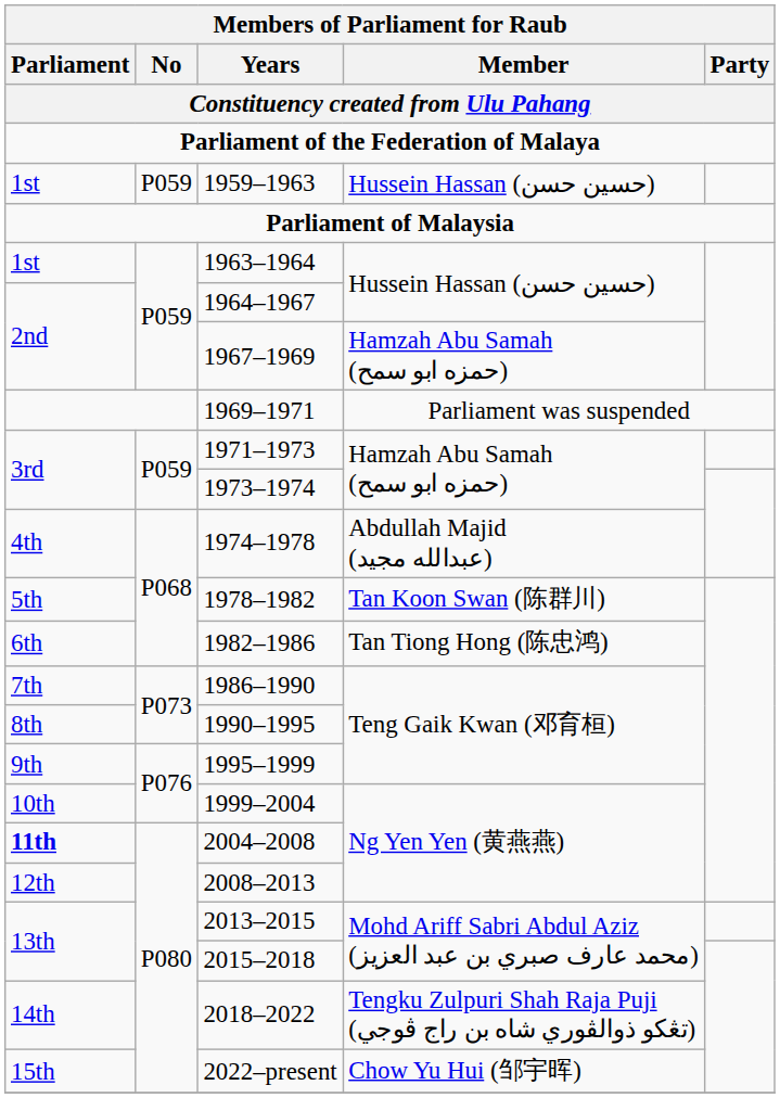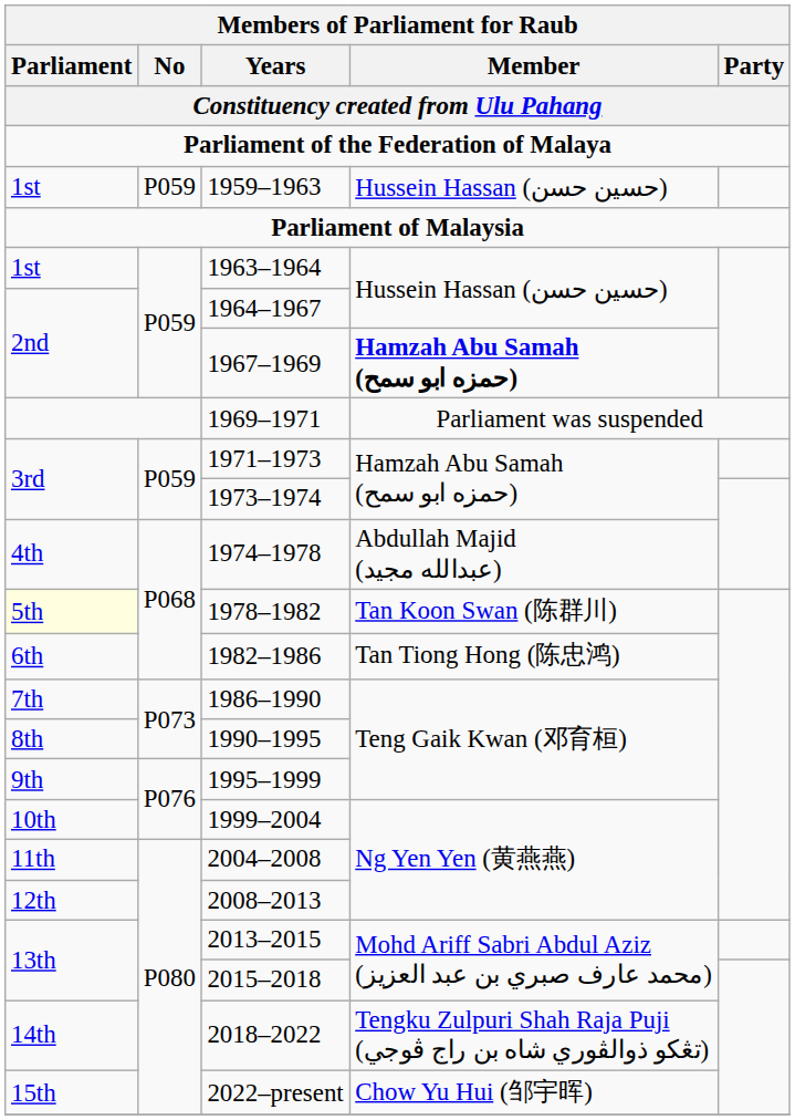 <table class=wikitable>
 <tr>
 <th colspan="5">Members of Parliament for Raub</th>
 </tr>
 <tr>
 <th>Parliament</th>
 <th>No</th>
 <th>Years</th>
 <th>Member</th>
 <th>Party</th>
 </tr>
 <tr>
 <th colspan="5" align="center"><em>Constituency created from <a href='#'>Ulu Pahang</a></em></th>
 </tr>
 <tr>
 <td colspan="5" align="center"><strong>Parliament of the Federation of Malaya</strong></td>
 </tr>
 <tr>
 <td><a href='#'>1st</a></td>
 <td>P059</td>
 <td>1959–1963</td>
 <td><a href='#'>Hussein Hassan</a> (حسين حسن)</td>
 <td></td>
 </tr>
 <tr>
 <td colspan="5" align="center"><strong>Parliament of Malaysia</strong></td>
 </tr>
 <tr>
 <td><a href='#'>1st</a></td>
 <td rowspan="3">P059</td>
 <td>1963–1964</td>
 <td rowspan=2>Hussein Hassan (حسين حسن)</td>
 <td rowspan=3></td>
 </tr>
 <tr>
 <td rowspan=2><a href='#'>2nd</a></td>
 <td>1964–1967</td>
 </tr>
 <tr>
 <td>1967–1969</td>
-<td><a href='#'>Hamzah Abu Samah</a>  <br>(حمزه ابو سمح)</td>
+<td><strong><a href='#'>Hamzah Abu Samah</a>  <br>(حمزه ابو سمح)</strong></td>
 </tr>
 <tr>
 <td colspan="2"></td>
 <td>1969–1971</td>
 <td colspan=2 align=center>Parliament was suspended</td>
 </tr>
 <tr>
 <td rowspan=2><a href='#'>3rd</a></td>
 <td rowspan="2">P059</td>
 <td>1971–1973</td>
 <td rowspan=2>Hamzah Abu Samah <br> (حمزه ابو سمح)</td>
 <td></td>
 </tr>
 <tr>
 <td>1973–1974</td>
 <td rowspan="2"></td>
 </tr>
 <tr>
 <td><a href='#'>4th</a></td>
 <td rowspan="3">P068</td>
 <td>1974–1978</td>
 <td>Abdullah Majid <br> (عبدالله مجيد)</td>
 </tr>
 <tr>
-<td><a href='#'>5th</a></td>
+<td style="background: lightyellow;"><a href='#'>5th</a></td>
 <td>1978–1982</td>
 <td><a href='#'>Tan Koon Swan</a> (陈群川)</td>
 <td rowspan="8"></td>
 </tr>
 <tr>
 <td><a href='#'>6th</a></td>
 <td>1982–1986</td>
 <td>Tan Tiong Hong (陈忠鸿)</td>
 </tr>
 <tr>
 <td><a href='#'>7th</a></td>
 <td rowspan="2">P073</td>
 <td>1986–1990</td>
 <td rowspan=3>Teng Gaik Kwan (邓育桓)</td>
 </tr>
 <tr>
 <td><a href='#'>8th</a></td>
 <td>1990–1995</td>
 </tr>
 <tr>
 <td><a href='#'>9th</a></td>
 <td rowspan="2">P076</td>
 <td>1995–1999</td>
 </tr>
 <tr>
 <td><a href='#'>10th</a></td>
 <td>1999–2004</td>
 <td rowspan=3><a href='#'>Ng Yen Yen</a> (黄燕燕)</td>
 </tr>
 <tr>
-<td><strong><a href='#'>11th</a></strong></td>
+<td><a href='#'>11th</a></td>
 <td rowspan=6>P080</td>
 <td>2004–2008</td>
 </tr>
 <tr>
 <td><a href='#'>12th</a></td>
 <td>2008–2013</td>
 </tr>
 <tr>
 <td rowspan=2><a href='#'>13th</a></td>
 <td>2013–2015</td>
 <td rowspan=2><a href='#'>Mohd Ariff Sabri Abdul Aziz</a> <br> (محمد عارف صبري بن عبد العزيز)</td>
 <td></td>
 </tr>
 <tr>
 <td>2015–2018</td>
 <td rowspan=3></td>
 </tr>
 <tr>
 <td><a href='#'>14th</a></td>
 <td>2018–2022</td>
 <td><a href='#'>Tengku Zulpuri Shah Raja Puji</a> <br> (تڠكو ذوالڤوري شاه بن راج ڤوجي)</td>
 </tr>
 <tr>
 <td><a href='#'>15th</a></td>
 <td>2022–present</td>
 <td><a href='#'>Chow Yu Hui</a> (邹宇晖)</td>
 </tr>
 <tr>
 </tr>
 </table>
